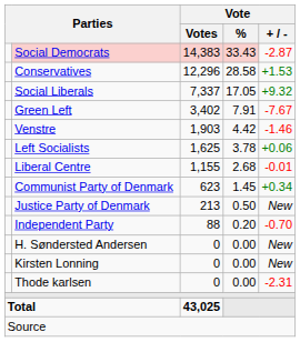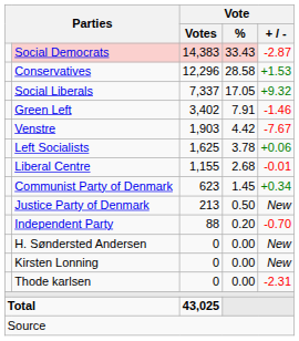 <table class="wikitable" style="text-align:right;">
 <tr>
 <th style="text-align:centre;" rowspan="2" colspan="2" width="225">Parties</th>
 <th colspan="3">Vote</th>
 </tr>
 <tr>
 <th width="15">Votes</th>
 <th width="15">%</th>
 <th width="15">+ / -</th>
 </tr>
 <tr>
 <td width="2" style="color:inherit;background:"></td>
 <td bgcolor=#fbd0ce  align="left"><a href='#'>Social Democrats</a></td>
 <td bgcolor=#fbd0ce>14,383</td>
 <td bgcolor=#fbd0ce>33.43</td>
 <td style=color:red;>-2.87</td>
 </tr>
 <tr>
 <td width="2" style="color:inherit;background:"></td>
 <td align="left"><a href='#'>Conservatives</a></td>
 <td>12,296</td>
 <td>28.58</td>
 <td style=color:green;>+1.53</td>
 </tr>
 <tr>
 <td width="2" style="color:inherit;background:"></td>
 <td align="left"><a href='#'>Social Liberals</a></td>
 <td>7,337</td>
 <td>17.05</td>
 <td style=color:green;>+9.32</td>
 </tr>
 <tr>
 <td width="2" style="color:inherit;background:"></td>
 <td align="left"><a href='#'>Green Left</a></td>
 <td>3,402</td>
 <td>7.91</td>
-<td style=color:red;>-7.67</td>
+<td style=color:red;>-1.46</td>
 </tr>
 <tr>
 <td width="2" style="color:inherit;background:"></td>
 <td align="left"><a href='#'>Venstre</a></td>
 <td>1,903</td>
 <td>4.42</td>
-<td style=color:red;>-1.46</td>
+<td style=color:red;>-7.67</td>
 </tr>
 <tr>
 <td width="2" style="color:inherit;background:"></td>
 <td align="left"><a href='#'>Left Socialists</a></td>
 <td>1,625</td>
 <td>3.78</td>
 <td style=color:green;>+0.06</td>
 </tr>
 <tr>
 <td width="2" style="color:inherit;background:"></td>
 <td align="left"><a href='#'>Liberal Centre</a></td>
 <td>1,155</td>
 <td>2.68</td>
 <td style=color:red;>-0.01</td>
 </tr>
 <tr>
 <td width="2" style="color:inherit;background:"></td>
 <td align="left"><a href='#'>Communist Party of Denmark</a></td>
 <td>623</td>
 <td>1.45</td>
 <td style=color:green;>+0.34</td>
 </tr>
 <tr>
 <td width="2" style="color:inherit;background:"></td>
 <td align="left"><a href='#'>Justice Party of Denmark</a></td>
 <td>213</td>
 <td>0.50</td>
 <td><em>New</em></td>
 </tr>
 <tr>
 <td width="2" style="color:inherit;background:"></td>
 <td align="left"><a href='#'>Independent Party</a></td>
 <td>88</td>
 <td>0.20</td>
 <td style=color:red;>-0.70</td>
 </tr>
 <tr>
 <td width="2" style="color:inherit;background:"></td>
 <td align="left">H. Søndersted Andersen</td>
 <td>0</td>
 <td>0.00</td>
 <td><em>New</em></td>
 </tr>
 <tr>
 <td width="2" style="color:inherit;background:"></td>
 <td align="left">Kirsten Lonning</td>
 <td>0</td>
 <td>0.00</td>
 <td><em>New</em></td>
 </tr>
 <tr>
 <td width="2" style="color:inherit;background:"></td>
 <td align="left">Thode karlsen</td>
 <td>0</td>
 <td>0.00</td>
 <td style=color:red;>-2.31</td>
 </tr>
 <tr>
 <td colspan="7" bgcolor="#E9E9E9"></td>
 </tr>
 <tr>
 <td align="left" colspan="2"><strong>Total</strong></td>
 <td><strong>43,025</strong></td>
 <td bgcolor="#E9E9E9" colspan="2"></td>
 </tr>
 <tr>
 <td align="left" colspan="6">Source</td>
 </tr>
 </table>
